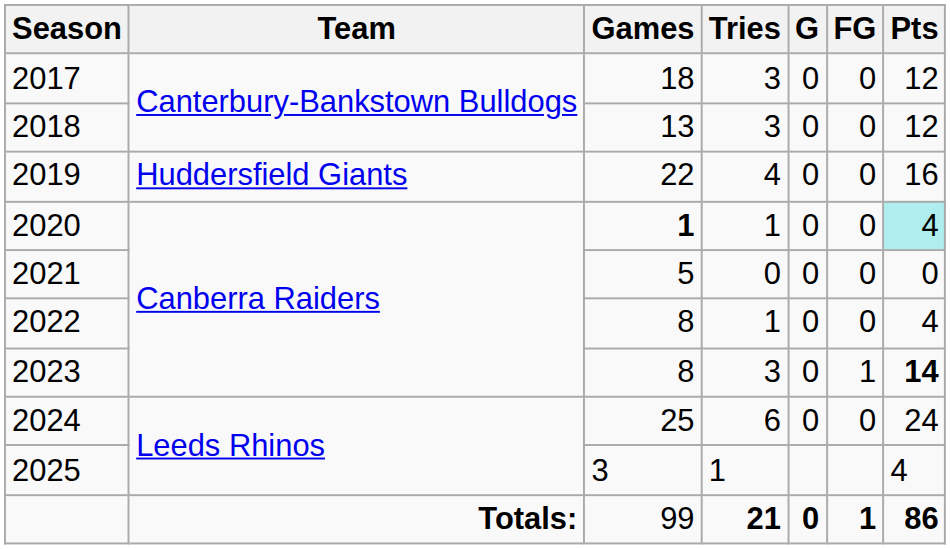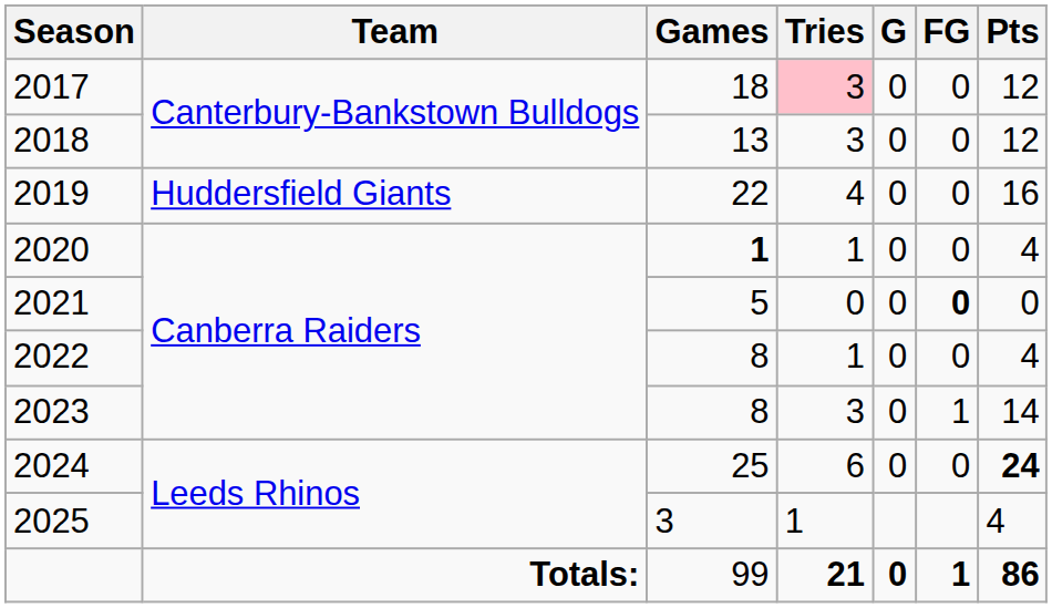 <table class="wikitable">
 <tr>
 <th>Season</th>
 <th>Team</th>
 <th>Games</th>
 <th>Tries</th>
 <th>G</th>
 <th>FG</th>
 <th>Pts</th>
 </tr>
 <tr>
 <td>2017</td>
 <td rowspan="2"> <a href='#'>Canterbury-Bankstown Bulldogs</a></td>
 <td align=right>18</td>
-<td align=right>3</td>
+<td align=right style="background: pink;">3</td>
 <td align=right>0</td>
 <td align=right>0</td>
 <td align=right>12</td>
 </tr>
 <tr>
 <td>2018</td>
 <td align=right>13</td>
 <td align=right>3</td>
 <td align=right>0</td>
 <td align=right>0</td>
 <td align=right>12</td>
 </tr>
 <tr>
 <td>2019</td>
 <td align=left> <a href='#'>Huddersfield Giants</a></td>
 <td align=right>22</td>
 <td align=right>4</td>
 <td align=right>0</td>
 <td align=right>0</td>
 <td align=right>16</td>
 </tr>
 <tr>
 <td>2020</td>
 <td rowspan="4"> <a href='#'>Canberra Raiders</a></td>
 <td align=right><strong>1</strong></td>
 <td align=right>1</td>
 <td align=right>0</td>
 <td align=right>0</td>
-<td align=right style="background: paleturquoise;">4</td>
+<td align=right>4</td>
 </tr>
 <tr>
 <td>2021</td>
 <td align=right>5</td>
 <td align=right>0</td>
 <td align=right>0</td>
-<td align=right>0</td>
+<td align=right><strong>0</strong></td>
 <td align=right>0</td>
 </tr>
 <tr>
 <td>2022</td>
 <td align=right>8</td>
 <td align=right>1</td>
 <td align=right>0</td>
 <td align=right>0</td>
 <td align=right>4</td>
 </tr>
 <tr>
 <td>2023</td>
 <td align=right>8</td>
 <td align=right>3</td>
 <td align=right>0</td>
 <td align=right>1</td>
-<td align=right><strong>14</strong></td>
+<td align=right>14</td>
 </tr>
 <tr>
 <td>2024</td>
 <td rowspan="2" align="left"> <a href='#'>Leeds Rhinos</a></td>
 <td align=right>25</td>
 <td align=right>6</td>
 <td align=right>0</td>
 <td align=right>0</td>
-<td align=right>24</td>
+<td align=right><strong>24</strong></td>
 </tr>
 <tr>
 <td>2025</td>
 <td>3</td>
 <td>1</td>
 <td></td>
 <td></td>
 <td>4</td>
 </tr>
 <tr>
 <td></td>
 <td align="right"><strong>Totals:</strong></td>
 <td align="right">99</td>
 <td align="right"><strong>21</strong></td>
 <td align="right"><strong>0</strong></td>
 <td align="right"><strong>1</strong></td>
 <td align="right"><strong>86</strong></td>
 </tr>
 </table>
